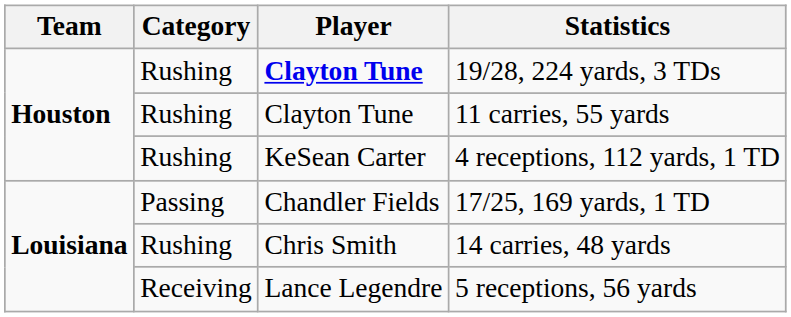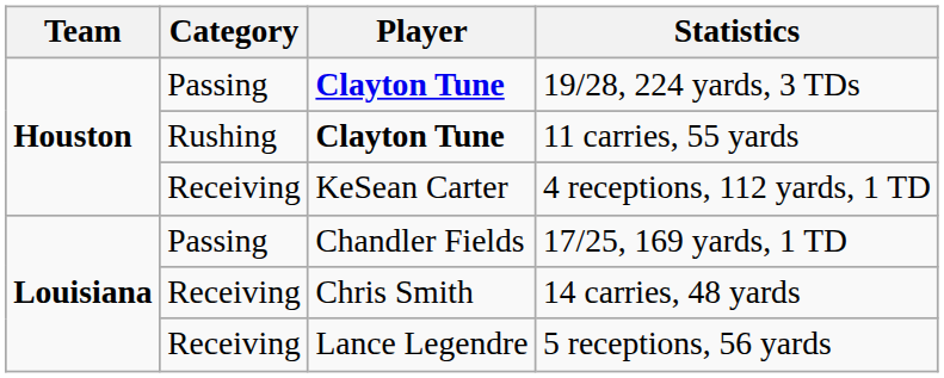 <table class="wikitable" style="float: left;">
 <tr>
 <th>Team</th>
 <th>Category</th>
 <th>Player</th>
 <th>Statistics</th>
 </tr>
 <tr>
 <td rowspan=3><strong>Houston</strong></td>
-<td>Rushing</td>
+<td>Passing</td>
 <td><strong><a href='#'>Clayton Tune</a></strong></td>
 <td>19/28, 224 yards, 3 TDs</td>
 </tr>
 <tr>
 <td>Rushing</td>
-<td>Clayton Tune</td>
+<td><strong>Clayton Tune</strong></td>
 <td>11 carries, 55 yards</td>
 </tr>
 <tr>
-<td>Rushing</td>
+<td>Receiving</td>
 <td>KeSean Carter</td>
 <td>4 receptions, 112 yards, 1 TD</td>
 </tr>
 <tr>
 <td rowspan=3><strong>Louisiana</strong></td>
 <td>Passing</td>
 <td>Chandler Fields</td>
 <td>17/25, 169 yards, 1 TD</td>
 </tr>
 <tr>
-<td>Rushing</td>
+<td>Receiving</td>
 <td>Chris Smith</td>
 <td>14 carries, 48 yards</td>
 </tr>
 <tr>
 <td>Receiving</td>
 <td>Lance Legendre</td>
 <td>5 receptions, 56 yards</td>
 </tr>
 </table>
